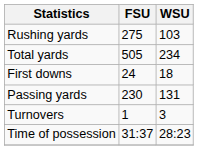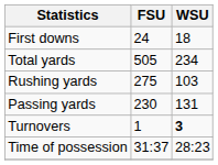 <table class="wikitable">
 <tr>
 <th>Statistics</th>
 <th>FSU</th>
 <th>WSU</th>
 </tr>
 <tr>
-<td>Rushing yards</td>
-<td>275</td>
-<td>103</td>
+<td>First downs</td>
+<td>24</td>
+<td>18</td>
 </tr>
 <tr>
 <td>Total yards</td>
 <td>505</td>
 <td>234</td>
 </tr>
 <tr>
-<td>First downs</td>
-<td>24</td>
-<td>18</td>
+<td>Rushing yards</td>
+<td>275</td>
+<td>103</td>
 </tr>
 <tr>
 <td>Passing yards</td>
 <td>230</td>
 <td>131</td>
 </tr>
 <tr>
 <td>Turnovers</td>
 <td>1</td>
-<td>3</td>
+<td><strong>3</strong></td>
 </tr>
 <tr>
 <td>Time of possession</td>
 <td>31:37</td>
 <td>28:23</td>
 </tr>
 <tr>
 </tr>
 </table>
